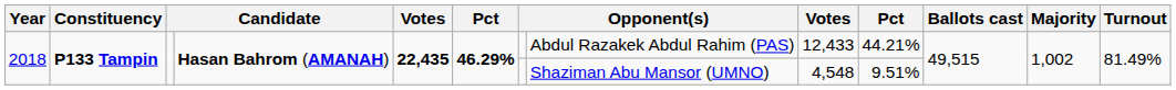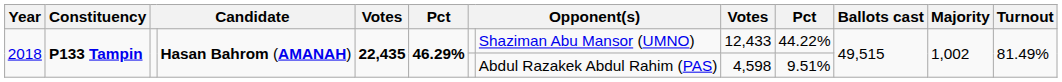 <table class="wikitable" style="margin:0.5em ; font-size:95%">
 <tr>
 <th>Year</th>
 <th>Constituency</th>
 <th colspan=2>Candidate</th>
 <th>Votes</th>
 <th>Pct</th>
 <th colspan=2>Opponent(s)</th>
 <th>Votes</th>
 <th>Pct</th>
 <th>Ballots cast</th>
 <th>Majority</th>
 <th>Turnout</th>
 </tr>
 <tr>
 <td rowspan="2"><a href='#'>2018</a></td>
 <td rowspan="2"><strong>P133 <a href='#'>Tampin</a></strong></td>
 <td rowspan="2" ></td>
 <td rowspan="2"><strong>Hasan Bahrom</strong> (<a href='#'><strong>AMANAH</strong></a>)</td>
 <td rowspan="2" align=right><strong>22,435</strong></td>
 <td rowspan="2"><strong>46.29%</strong></td>
 <td></td>
-<td>Abdul Razakek Abdul Rahim (<a href='#'>PAS</a>)</td>
+<td><a href='#'>Shaziman Abu Mansor</a> (<a href='#'>UMNO</a>)</td>
 <td align=right>12,433</td>
-<td>44.21%</td>
+<td>44.22%</td>
 <td rowspan="2">49,515</td>
 <td rowspan="2">1,002</td>
 <td rowspan="2">81.49%</td>
 </tr>
 <tr>
 <td></td>
-<td><a href='#'>Shaziman Abu Mansor</a> (<a href='#'>UMNO</a>)</td>
-<td align=right>4,548</td>
+<td>Abdul Razakek Abdul Rahim (<a href='#'>PAS</a>)</td>
+<td align=right>4,598</td>
 <td align=right>9.51%</td>
 </tr>
 </table>
